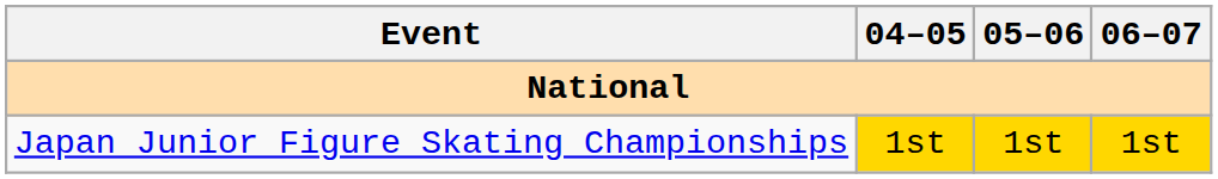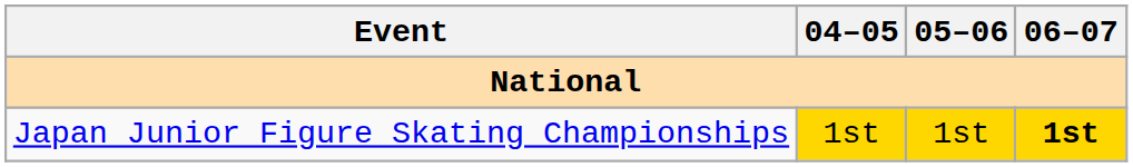 <table class="wikitable" style="text-align:center">
 <tr>
 <th>Event</th>
 <th>04–05</th>
 <th>05–06</th>
 <th>06–07</th>
 </tr>
 <tr>
 <th style="background-color: #ffdead; " colspan=4 align=center>National</th>
 </tr>
 <tr>
 <td align=left><a href='#'>Japan Junior Figure Skating Championships</a></td>
 <td bgcolor=gold>1st</td>
 <td bgcolor=gold>1st</td>
-<td bgcolor=gold>1st</td>
+<td bgcolor=gold><strong>1st</strong></td>
 </tr>
 </table>
